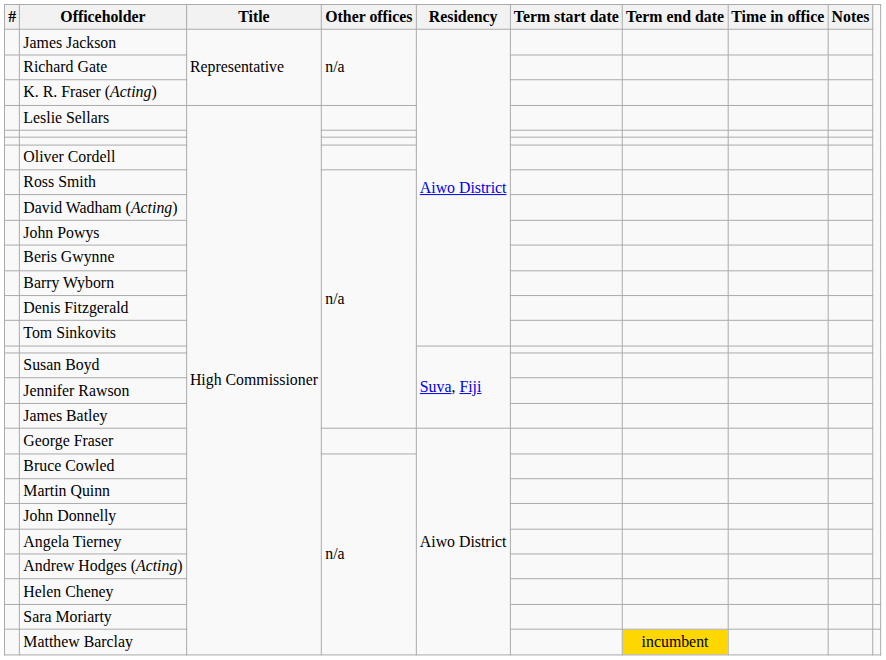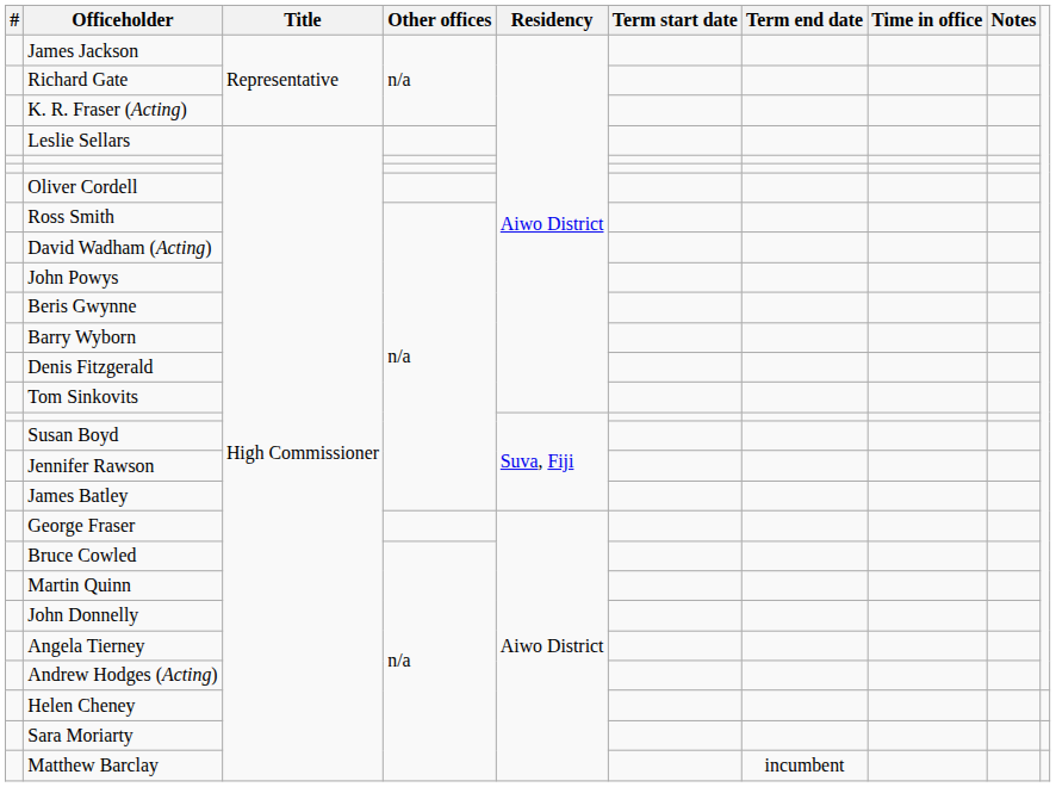 <table class='wikitable sortable'>
 <tr>
 <th>#</th>
 <th>Officeholder</th>
 <th>Title</th>
 <th>Other offices</th>
 <th>Residency</th>
 <th>Term start date</th>
 <th>Term end date</th>
 <th>Time in office</th>
 <th>Notes</th>
 </tr>
 <tr>
 <td align=center></td>
 <td>James Jackson</td>
 <td rowspan=3>Representative</td>
 <td rowspan=3>n/a</td>
 <td rowspan=14><a href='#'>Aiwo District</a></td>
 <td align=center></td>
 <td align=center></td>
 <td align=right></td>
 <td></td>
 </tr>
 <tr>
 <td align=center></td>
 <td>Richard Gate</td>
 <td align=center></td>
 <td align=center></td>
 <td align=right></td>
 <td></td>
 </tr>
 <tr>
 <td align=center></td>
 <td>K. R. Fraser (<em>Acting</em>)</td>
 <td align=center></td>
 <td align=center></td>
 <td align=right></td>
 <td></td>
 </tr>
 <tr>
 <td align=center></td>
 <td>Leslie Sellars</td>
 <td rowspan=25>High Commissioner</td>
 <td></td>
 <td align=center></td>
 <td align=center></td>
 <td align=right></td>
 <td></td>
 </tr>
 <tr>
 <td align=center></td>
 <td></td>
 <td></td>
 <td align=center></td>
 <td align=center></td>
 <td align=right></td>
 <td></td>
 </tr>
 <tr>
 <td align=center></td>
 <td></td>
 <td></td>
 <td align=center></td>
 <td align=center></td>
 <td align=right></td>
 <td></td>
 </tr>
 <tr>
 <td align=center></td>
 <td>Oliver Cordell</td>
 <td></td>
 <td align=center></td>
 <td align=center></td>
 <td align=right></td>
 <td></td>
 </tr>
 <tr>
 <td align=center></td>
 <td>Ross Smith</td>
 <td rowspan=11>n/a</td>
 <td align=center></td>
 <td align=center></td>
 <td align=right></td>
 <td></td>
 </tr>
 <tr>
 <td align=center></td>
 <td>David Wadham (<em>Acting</em>)</td>
 <td align=center></td>
 <td align=center></td>
 <td align=right></td>
 <td></td>
 </tr>
 <tr>
 <td align=center></td>
 <td>John Powys</td>
 <td align=center></td>
 <td align=center></td>
 <td align=right></td>
 <td></td>
 </tr>
 <tr>
 <td align=center></td>
 <td>Beris Gwynne</td>
 <td align=center></td>
 <td align=center></td>
 <td align=right></td>
 <td></td>
 </tr>
 <tr>
 <td align=center></td>
 <td>Barry Wyborn</td>
 <td align=center></td>
 <td align=center></td>
 <td align=right></td>
 <td></td>
 </tr>
 <tr>
 <td align=center></td>
 <td>Denis Fitzgerald</td>
 <td align=center></td>
 <td align=center></td>
 <td align=right></td>
 <td></td>
 </tr>
 <tr>
 <td align=center></td>
 <td>Tom Sinkovits</td>
 <td align=center></td>
 <td align=center></td>
 <td align=right></td>
 <td></td>
 </tr>
 <tr>
 <td align=center></td>
 <td></td>
 <td rowspan=4><a href='#'>Suva</a>, <a href='#'>Fiji</a></td>
 <td align=center></td>
 <td align=center></td>
 <td align=right></td>
 <td></td>
 </tr>
 <tr>
 <td align=center></td>
 <td>Susan Boyd</td>
 <td align=center></td>
 <td align=center></td>
 <td align=right><strong></strong></td>
 <td></td>
 </tr>
 <tr>
 <td align=center></td>
 <td>Jennifer Rawson</td>
 <td align=center></td>
 <td align=center></td>
 <td align=right></td>
 <td></td>
 </tr>
 <tr>
 <td align=center></td>
 <td>James Batley</td>
 <td align=center></td>
 <td align=center></td>
 <td align=right></td>
 <td></td>
 </tr>
 <tr>
 <td align=center></td>
 <td>George Fraser</td>
 <td></td>
 <td rowspan=9>Aiwo District</td>
 <td align=center></td>
 <td align=center></td>
 <td align=right></td>
 <td></td>
 </tr>
 <tr>
 <td align=center></td>
 <td>Bruce Cowled</td>
 <td rowspan=8>n/a</td>
 <td align=center></td>
 <td align=center></td>
 <td align=right></td>
 <td></td>
 </tr>
 <tr>
 <td align=center></td>
 <td>Martin Quinn</td>
 <td align=center></td>
 <td align=center></td>
 <td align=right></td>
 <td></td>
 </tr>
 <tr>
 <td align=center></td>
 <td>John Donnelly</td>
 <td align=center></td>
 <td align=center></td>
 <td align=right></td>
 <td></td>
 </tr>
 <tr>
 <td align=center></td>
 <td>Angela Tierney</td>
 <td align=center></td>
 <td align=center></td>
 <td align=right></td>
 <td></td>
 </tr>
 <tr>
 <td align=center></td>
 <td>Andrew Hodges (<em>Acting</em>)</td>
 <td align=center></td>
 <td align=center></td>
 <td align=right></td>
 <td></td>
 </tr>
 <tr>
 <td align=center></td>
 <td>Helen Cheney</td>
 <td align=center></td>
 <td align=center></td>
 <td align=right></td>
 <td></td>
 <td></td>
 </tr>
 <tr>
 <td align=center></td>
 <td>Sara Moriarty</td>
 <td align=center></td>
 <td align=center></td>
 <td align=right></td>
 <td></td>
 <td></td>
 </tr>
 <tr>
 <td align=center></td>
 <td>Matthew Barclay</td>
 <td align=center></td>
-<td align=center style="background: gold;">incumbent</td>
+<td align=center>incumbent</td>
 <td align=right></td>
 <td></td>
 </tr>
 </table>
